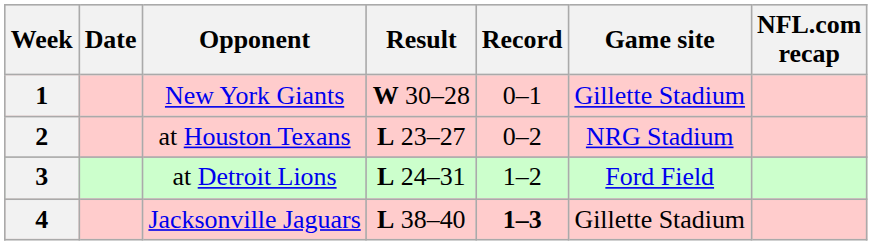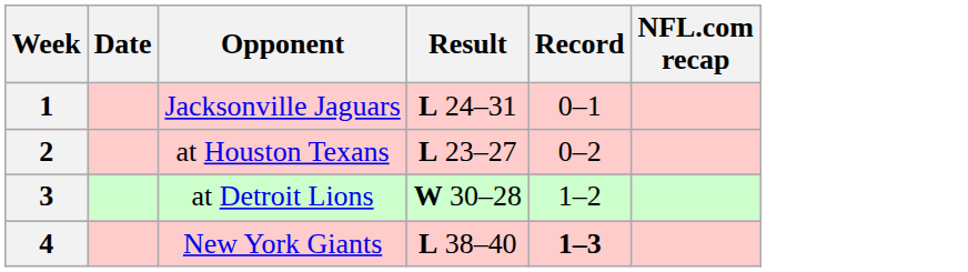 <table class="wikitable" style="text-align:center">
 <tr>
 <th>Week</th>
 <th>Date</th>
 <th>Opponent</th>
 <th>Result</th>
 <th>Record</th>
-<th>Game site</th>
 <th>NFL.com<br>recap</th>
 </tr>
 <tr style="background:#fcc">
 <th>1</th>
 <td></td>
-<td><a href='#'>New York Giants</a></td>
-<td><strong>W</strong> 30–28</td>
+<td><a href='#'>Jacksonville Jaguars</a></td>
+<td><strong>L</strong> 24–31</td>
 <td>0–1</td>
-<td><a href='#'>Gillette Stadium</a></td>
 <td></td>
 </tr>
 <tr style="background:#fcc">
 <th>2</th>
 <td></td>
 <td>at <a href='#'>Houston Texans</a></td>
 <td><strong>L</strong> 23–27</td>
 <td>0–2</td>
-<td><a href='#'>NRG Stadium</a></td>
 <td></td>
 </tr>
 <tr style="background:#cfc">
 <th>3</th>
 <td></td>
 <td>at <a href='#'>Detroit Lions</a></td>
-<td><strong>L</strong> 24–31</td>
+<td><strong>W</strong> 30–28</td>
 <td>1–2</td>
-<td><a href='#'>Ford Field</a></td>
 <td></td>
 </tr>
 <tr style="background:#fcc">
 <th>4</th>
 <td></td>
-<td><a href='#'>Jacksonville Jaguars</a></td>
+<td><a href='#'>New York Giants</a></td>
 <td><strong>L</strong> 38–40</td>
 <td><strong>1–3</strong></td>
-<td>Gillette Stadium</td>
 <td></td>
 </tr>
 </table>
